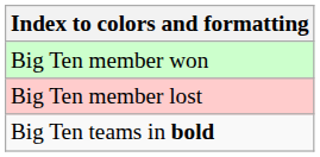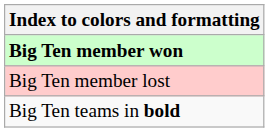 <table class="wikitable">
 <tr>
 <th>Index to colors and formatting</th>
 </tr>
 <tr bgcolor= #ccffcc>
-<td>Big Ten member won</td>
+<td><strong>Big Ten member won</strong></td>
 </tr>
 <tr bgcolor=#ffcccc>
 <td>Big Ten member lost</td>
 </tr>
 <tr>
 <td>Big Ten teams in <strong>bold</strong></td>
 </tr>
 </table>
